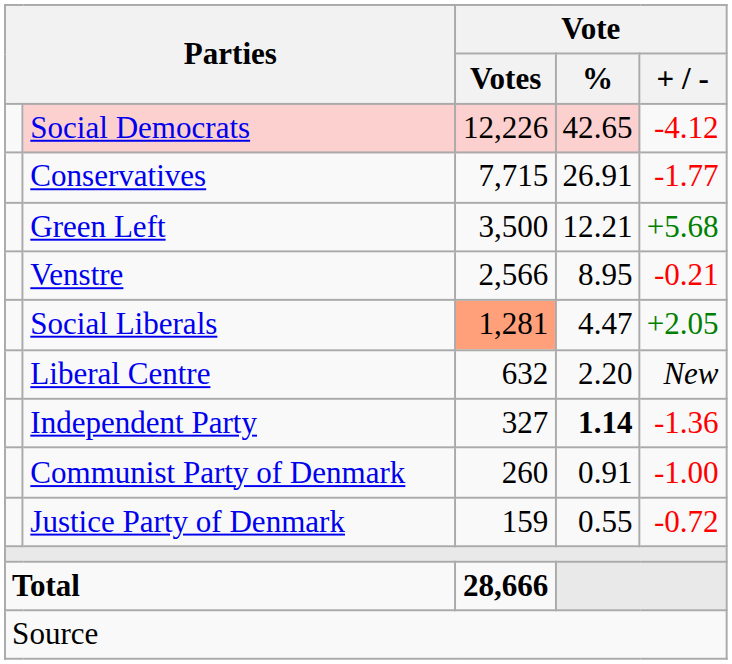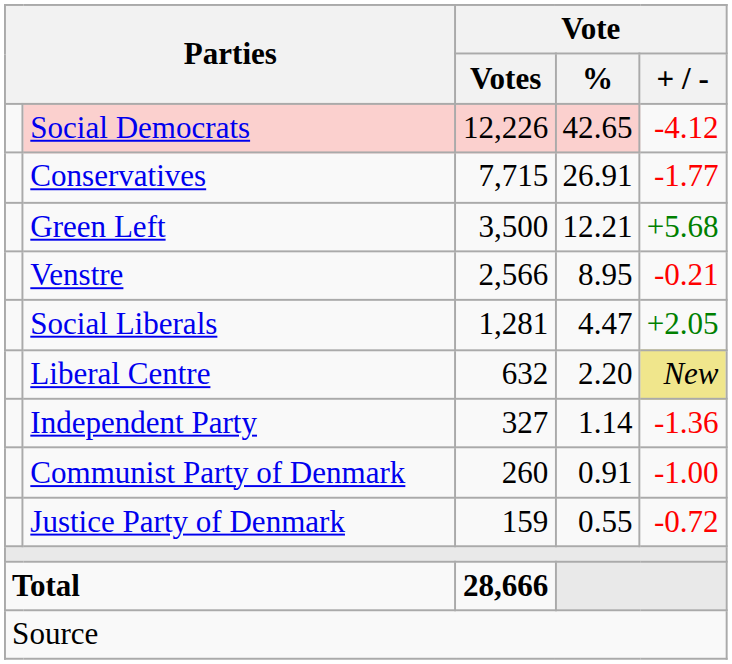 <table class="wikitable" style="text-align:right;">
 <tr>
 <th style="text-align:centre;" rowspan="2" colspan="2" width="225">Parties</th>
 <th colspan="3">Vote</th>
 </tr>
 <tr>
 <th width="15">Votes</th>
 <th width="15">%</th>
 <th width="15">+ / -</th>
 </tr>
 <tr>
 <td width="2" style="color:inherit;background:"></td>
 <td bgcolor=#fbd0ce  align="left"><a href='#'>Social Democrats</a></td>
 <td bgcolor=#fbd0ce>12,226</td>
 <td bgcolor=#fbd0ce>42.65</td>
 <td style=color:red;>-4.12</td>
 </tr>
 <tr>
 <td width="2" style="color:inherit;background:"></td>
 <td align="left"><a href='#'>Conservatives</a></td>
 <td>7,715</td>
 <td>26.91</td>
 <td style=color:red;>-1.77</td>
 </tr>
 <tr>
 <td width="2" style="color:inherit;background:"></td>
 <td align="left"><a href='#'>Green Left</a></td>
 <td>3,500</td>
 <td>12.21</td>
 <td style=color:green;>+5.68</td>
 </tr>
 <tr>
 <td width="2" style="color:inherit;background:"></td>
 <td align="left"><a href='#'>Venstre</a></td>
 <td>2,566</td>
 <td>8.95</td>
 <td style=color:red;>-0.21</td>
 </tr>
 <tr>
 <td width="2" style="color:inherit;background:"></td>
 <td align="left"><a href='#'>Social Liberals</a></td>
-<td style="background: lightsalmon;">1,281</td>
+<td>1,281</td>
 <td>4.47</td>
 <td style=color:green;>+2.05</td>
 </tr>
 <tr>
 <td width="2" style="color:inherit;background:"></td>
 <td align="left"><a href='#'>Liberal Centre</a></td>
 <td>632</td>
 <td>2.20</td>
-<td><em>New</em></td>
+<td style="background: khaki;"><em>New</em></td>
 </tr>
 <tr>
 <td width="2" style="color:inherit;background:"></td>
 <td align="left"><a href='#'>Independent Party</a></td>
 <td>327</td>
-<td><strong>1.14</strong></td>
+<td>1.14</td>
 <td style=color:red;>-1.36</td>
 </tr>
 <tr>
 <td width="2" style="color:inherit;background:"></td>
 <td align="left"><a href='#'>Communist Party of Denmark</a></td>
 <td>260</td>
 <td>0.91</td>
 <td style=color:red;>-1.00</td>
 </tr>
 <tr>
 <td width="2" style="color:inherit;background:"></td>
 <td align="left"><a href='#'>Justice Party of Denmark</a></td>
 <td>159</td>
 <td>0.55</td>
 <td style=color:red;>-0.72</td>
 </tr>
 <tr>
 <td colspan="7" bgcolor="#E9E9E9"></td>
 </tr>
 <tr>
 <td align="left" colspan="2"><strong>Total</strong></td>
 <td><strong>28,666</strong></td>
 <td bgcolor="#E9E9E9" colspan="2"></td>
 </tr>
 <tr>
 <td align="left" colspan="6">Source</td>
 </tr>
 </table>
